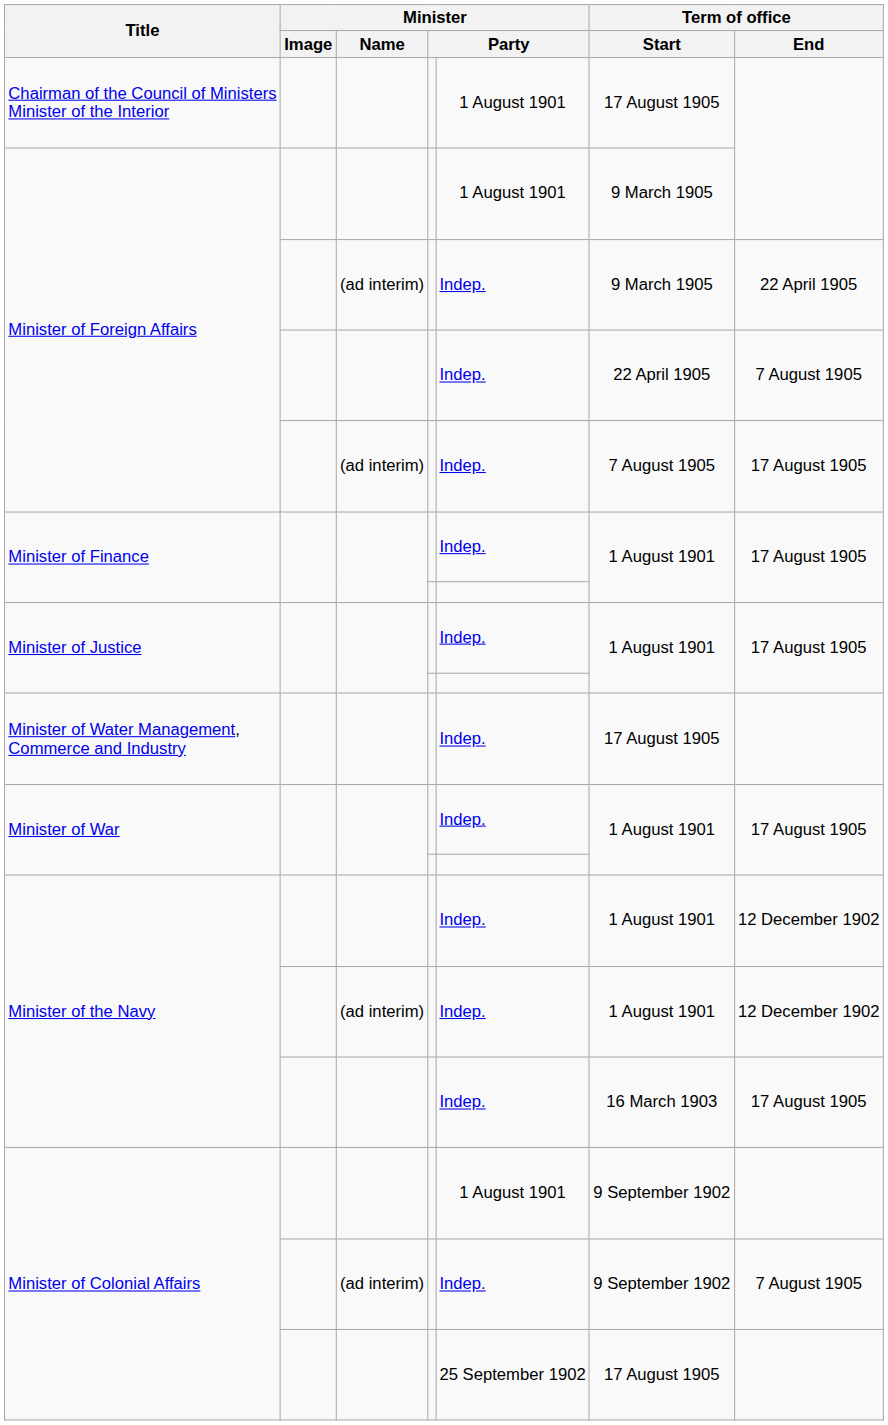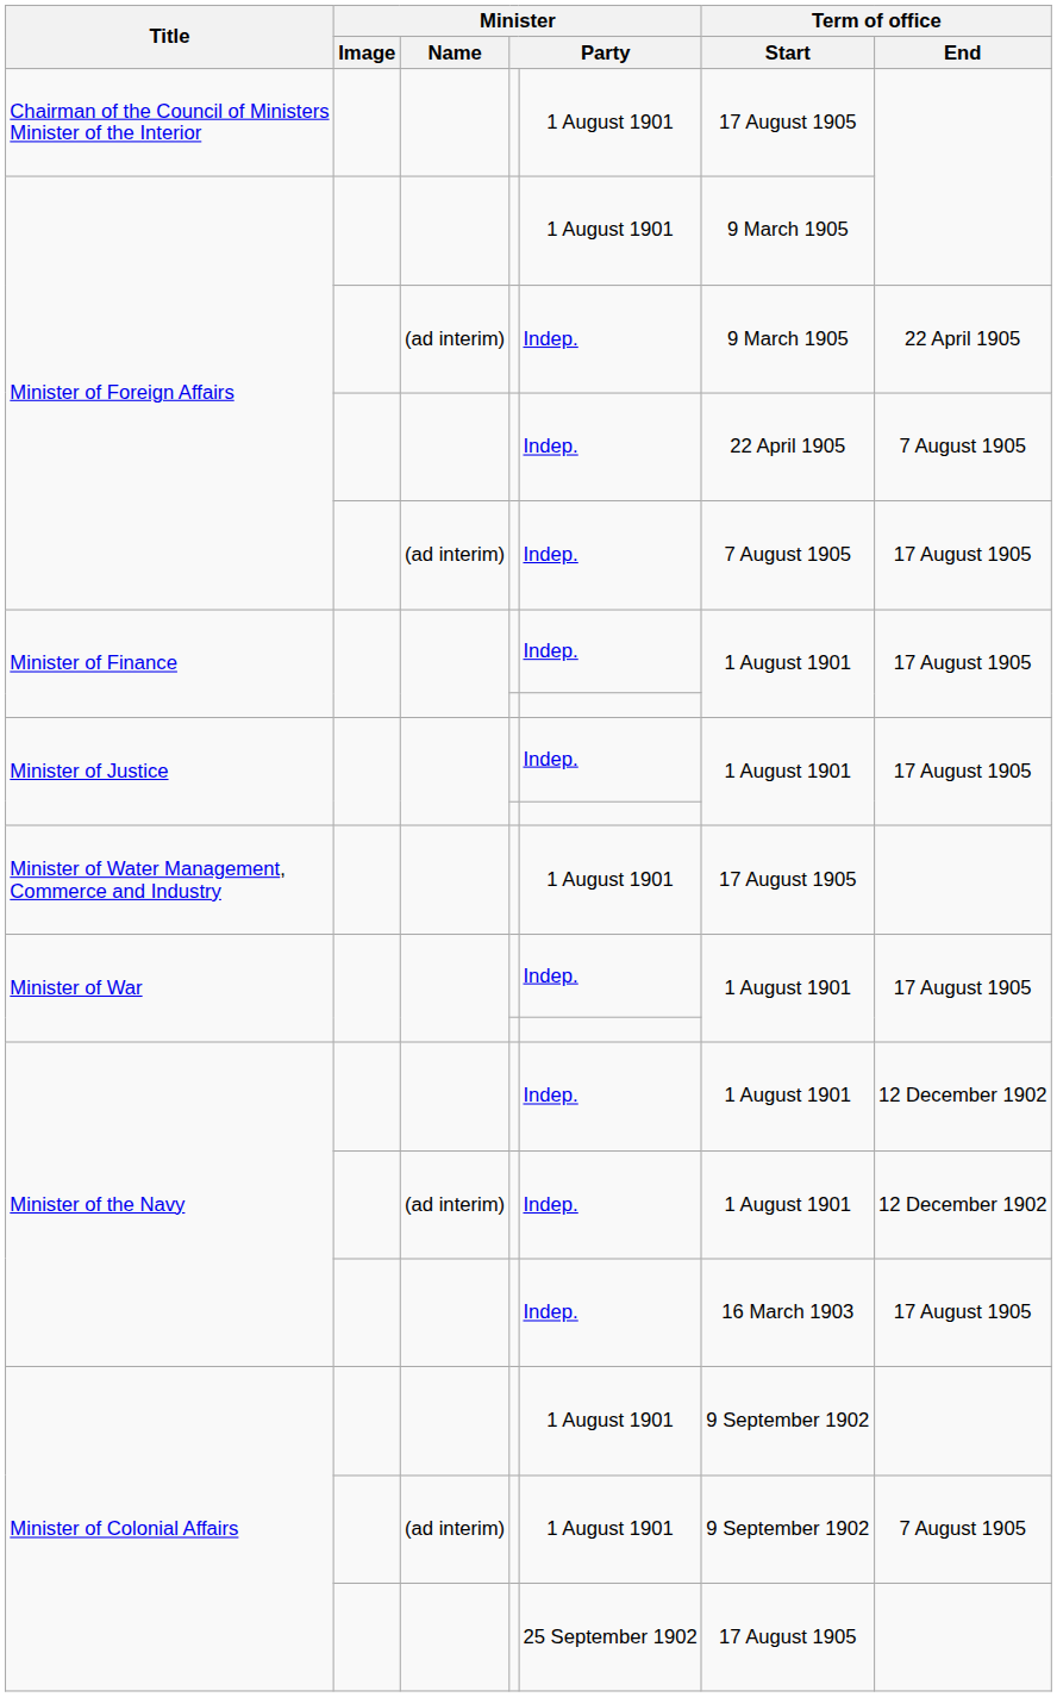 <table class="wikitable sortable" style="text-align:left">
 <tr>
 <th rowspan="2">Title</th>
 <th colspan="4">Minister</th>
 <th colspan="2">Term of office</th>
 </tr>
 <tr>
 <th class="unsortable">Image</th>
 <th>Name</th>
 <th colspan="2">Party</th>
 <th data-sort-type="date">Start</th>
 <th data-sort-type=date>End</th>
 </tr>
 <tr>
 <td><a href='#'>Chairman of the Council of Ministers</a> <br> <a href='#'>Minister of the Interior</a></td>
 <td height="80px"></td>
 <td></td>
 <td></td>
 <td style="text-align:center">1 August 1901</td>
 <td style="text-align:center">17 August 1905</td>
 </tr>
 <tr>
 <td rowspan=4><a href='#'>Minister of Foreign Affairs</a></td>
 <td height="80px"></td>
 <td></td>
 <td></td>
 <td style="text-align:center">1 August 1901</td>
 <td style="text-align:center">9 March 1905</td>
 </tr>
 <tr>
 <td height="80px"></td>
 <td> (ad interim)</td>
 <td style="background:"></td>
 <td><a href='#'>Indep.</a></td>
 <td style="text-align:center">9 March 1905</td>
 <td style="text-align:center">22 April 1905</td>
 </tr>
 <tr>
 <td height="80px"></td>
 <td></td>
 <td style="background:"></td>
 <td><a href='#'>Indep.</a></td>
 <td style="text-align:center">22 April 1905</td>
 <td style="text-align:center">7 August 1905</td>
 </tr>
 <tr>
 <td height="80px"></td>
 <td> (ad interim)</td>
 <td style="background:"></td>
 <td><a href='#'>Indep.</a></td>
 <td style="text-align:center">7 August 1905</td>
 <td style="text-align:center">17 August 1905</td>
 </tr>
 <tr>
 <td rowspan=2><a href='#'>Minister of Finance</a></td>
 <td rowspan=2 height="80px"></td>
 <td rowspan=2></td>
 <td style="background:"></td>
 <td><a href='#'>Indep.</a></td>
 <td rowspan=2 style="text-align:center">1 August 1901</td>
 <td rowspan=2 style="text-align:center">17 August 1905</td>
 </tr>
 <tr>
 <td></td>
 </tr>
 <tr>
 <td rowspan=2><a href='#'>Minister of Justice</a></td>
 <td rowspan=2 height="80px"></td>
 <td rowspan=2></td>
 <td style="background:"></td>
 <td><a href='#'>Indep.</a></td>
 <td rowspan=2 style="text-align:center">1 August 1901</td>
 <td rowspan=2 style="text-align:center">17 August 1905</td>
 </tr>
 <tr>
 <td></td>
 </tr>
 <tr>
 <td><a href='#'>Minister of Water Management</a>, <br> <a href='#'>Commerce and Industry</a></td>
 <td height="80px"></td>
 <td></td>
 <td></td>
-<td><a href='#'>Indep.</a></td>
+<td style="text-align:center">1 August 1901</td>
 <td style="text-align:center">17 August 1905</td>
 </tr>
 <tr>
 <td rowspan=2><a href='#'>Minister of War</a></td>
 <td rowspan=2 height="80px"></td>
 <td rowspan=2></td>
 <td style="background:"></td>
 <td><a href='#'>Indep.</a></td>
 <td rowspan=2 style="text-align:center">1 August 1901</td>
 <td rowspan=2 style="text-align:center">17 August 1905</td>
 </tr>
 <tr>
 <td></td>
 </tr>
 <tr>
 <td rowspan=3><a href='#'>Minister of the Navy</a></td>
 <td height="80px"></td>
 <td></td>
 <td style="background:"></td>
 <td><a href='#'>Indep.</a></td>
 <td style="text-align:center">1 August 1901</td>
 <td style="text-align:center">12 December 1902</td>
 </tr>
 <tr>
 <td height="80px"></td>
 <td> (ad interim)</td>
 <td style="background:"></td>
 <td><a href='#'>Indep.</a></td>
 <td style="text-align:center">1 August 1901</td>
 <td style="text-align:center">12 December 1902</td>
 </tr>
 <tr>
 <td height="80px"></td>
 <td></td>
 <td style="background:"></td>
 <td><a href='#'>Indep.</a></td>
 <td style="text-align:center">16 March 1903</td>
 <td style="text-align:center">17 August 1905</td>
 </tr>
 <tr>
 <td rowspan=3><a href='#'>Minister of Colonial Affairs</a></td>
 <td height="80px"></td>
 <td></td>
 <td></td>
 <td style="text-align:center">1 August 1901</td>
 <td style="text-align:center">9 September 1902</td>
 </tr>
 <tr>
 <td height="80px"></td>
 <td> (ad interim)</td>
 <td style="background:"></td>
-<td><a href='#'>Indep.</a></td>
+<td style="text-align:center">1 August 1901</td>
 <td>9 September 1902</td>
 <td style="text-align:center">7 August 1905</td>
 </tr>
 <tr>
 <td height="80px"></td>
 <td></td>
 <td></td>
 <td style="text-align:center">25 September 1902</td>
 <td style="text-align:center">17 August 1905</td>
 </tr>
 </table>
